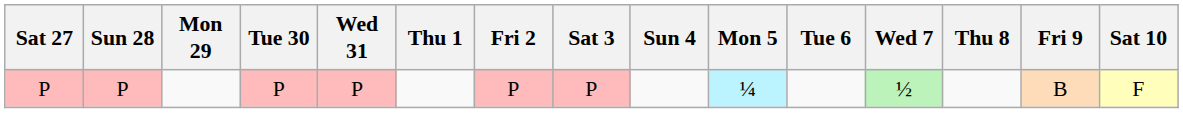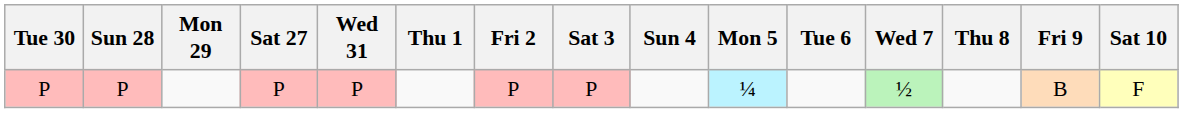 <table class="wikitable" style="margin:0.5em auto; font-size:90%; line-height:1.25em; text-align:center">
 <tr>
-<th width="45">Sat 27</th>
+<th width="45">Tue 30</th>
 <th width="45">Sun 28</th>
 <th width="45">Mon 29</th>
-<th width="45">Tue 30</th>
+<th width="45">Sat 27</th>
 <th width="45">Wed 31</th>
 <th width="45">Thu 1</th>
 <th width="45">Fri 2</th>
 <th width="45">Sat 3</th>
 <th width="45">Sun 4</th>
 <th width="45">Mon 5</th>
 <th width="45">Tue 6</th>
 <th width="45">Wed 7</th>
 <th width="45">Thu 8</th>
 <th width="45">Fri 9</th>
 <th width="45">Sat 10</th>
 </tr>
 <tr>
 <td bgcolor="#FFBBBB">P</td>
 <td bgcolor="#FFBBBB">P</td>
 <td></td>
 <td bgcolor="#FFBBBB">P</td>
 <td bgcolor="#FFBBBB">P</td>
 <td></td>
 <td bgcolor="#FFBBBB">P</td>
 <td bgcolor="#FFBBBB">P</td>
 <td></td>
 <td bgcolor="#BBF3FF">¼</td>
 <td></td>
 <td bgcolor="#BBF3BB">½</td>
 <td></td>
 <td bgcolor="#FEDCBA">B</td>
 <td bgcolor="#FFFFBB">F</td>
 </tr>
 </table>
